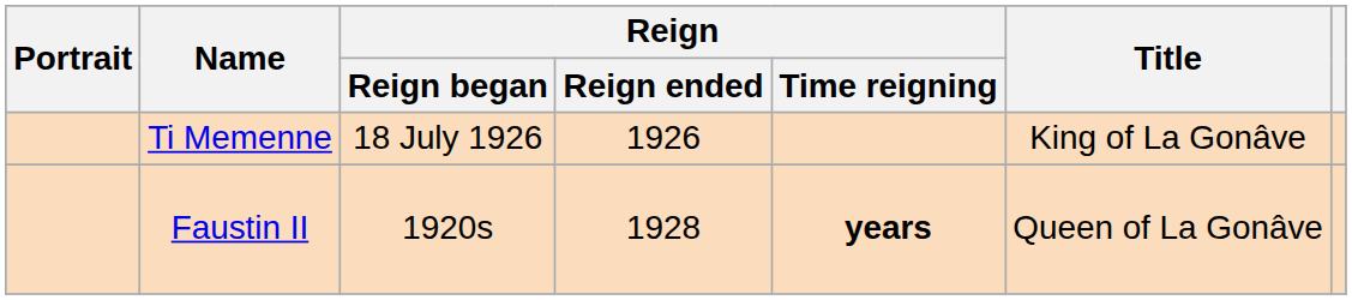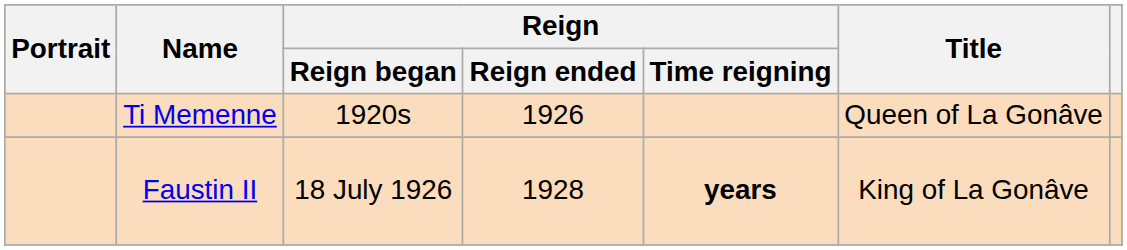 <table class="wikitable" style="text-align:center">
 <tr>
 <th rowspan=2>Portrait</th>
 <th rowspan=2>Name<br></th>
 <th colspan=3>Reign</th>
 <th rowspan=2>Title</th>
 <th rowspan=2></th>
 </tr>
 <tr>
 <th>Reign began</th>
 <th>Reign ended</th>
 <th>Time reigning</th>
 </tr>
 <tr style="background:#FBDDBD">
 <td></td>
 <td><a href='#'>Ti Memenne</a><em><br></td>
-<td></em>18 July 1926<em></td>
+<td></em> 1920s<em></td>
 <td></em>1926<em></td>
 <td></td>
-<td></em>King of La Gonâve<em><br></td>
+<td></em>Queen of La Gonâve<em><br></td>
 <td></td>
 </tr>
 <tr style="background:#FBDDBD">
 <td></td>
 <td></em><a href='#'>Faustin II</a><em><br></td>
-<td></em> 1920s<em></td>
+<td></em>18 July 1926<em></td>
 <td></em>1928<em></td>
 <td><strong> years</strong></td>
-<td></em>Queen of La Gonâve<em><br></td>
+<td></em>King of La Gonâve<em><br></td>
 <td><br><br><br></td>
 </tr>
 </table>
